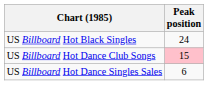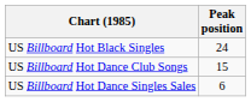 <table class="wikitable sortable">
 <tr>
 <th>Chart (1985)</th>
 <th>Peak<br>position</th>
 </tr>
 <tr>
 <td>US <em><a href='#'>Billboard</a></em> <a href='#'>Hot Black Singles</a></td>
 <td style="text-align:center;">24</td>
 </tr>
 <tr>
 <td>US <em><a href='#'>Billboard</a></em> <a href='#'>Hot Dance Club Songs</a></td>
-<td style="background: pink; text-align:center;">15</td>
+<td style="text-align:center;">15</td>
 </tr>
 <tr>
 <td>US <em><a href='#'>Billboard</a></em> <a href='#'>Hot Dance Singles Sales</a></td>
 <td style="text-align:center;">6</td>
 </tr>
 </table>
